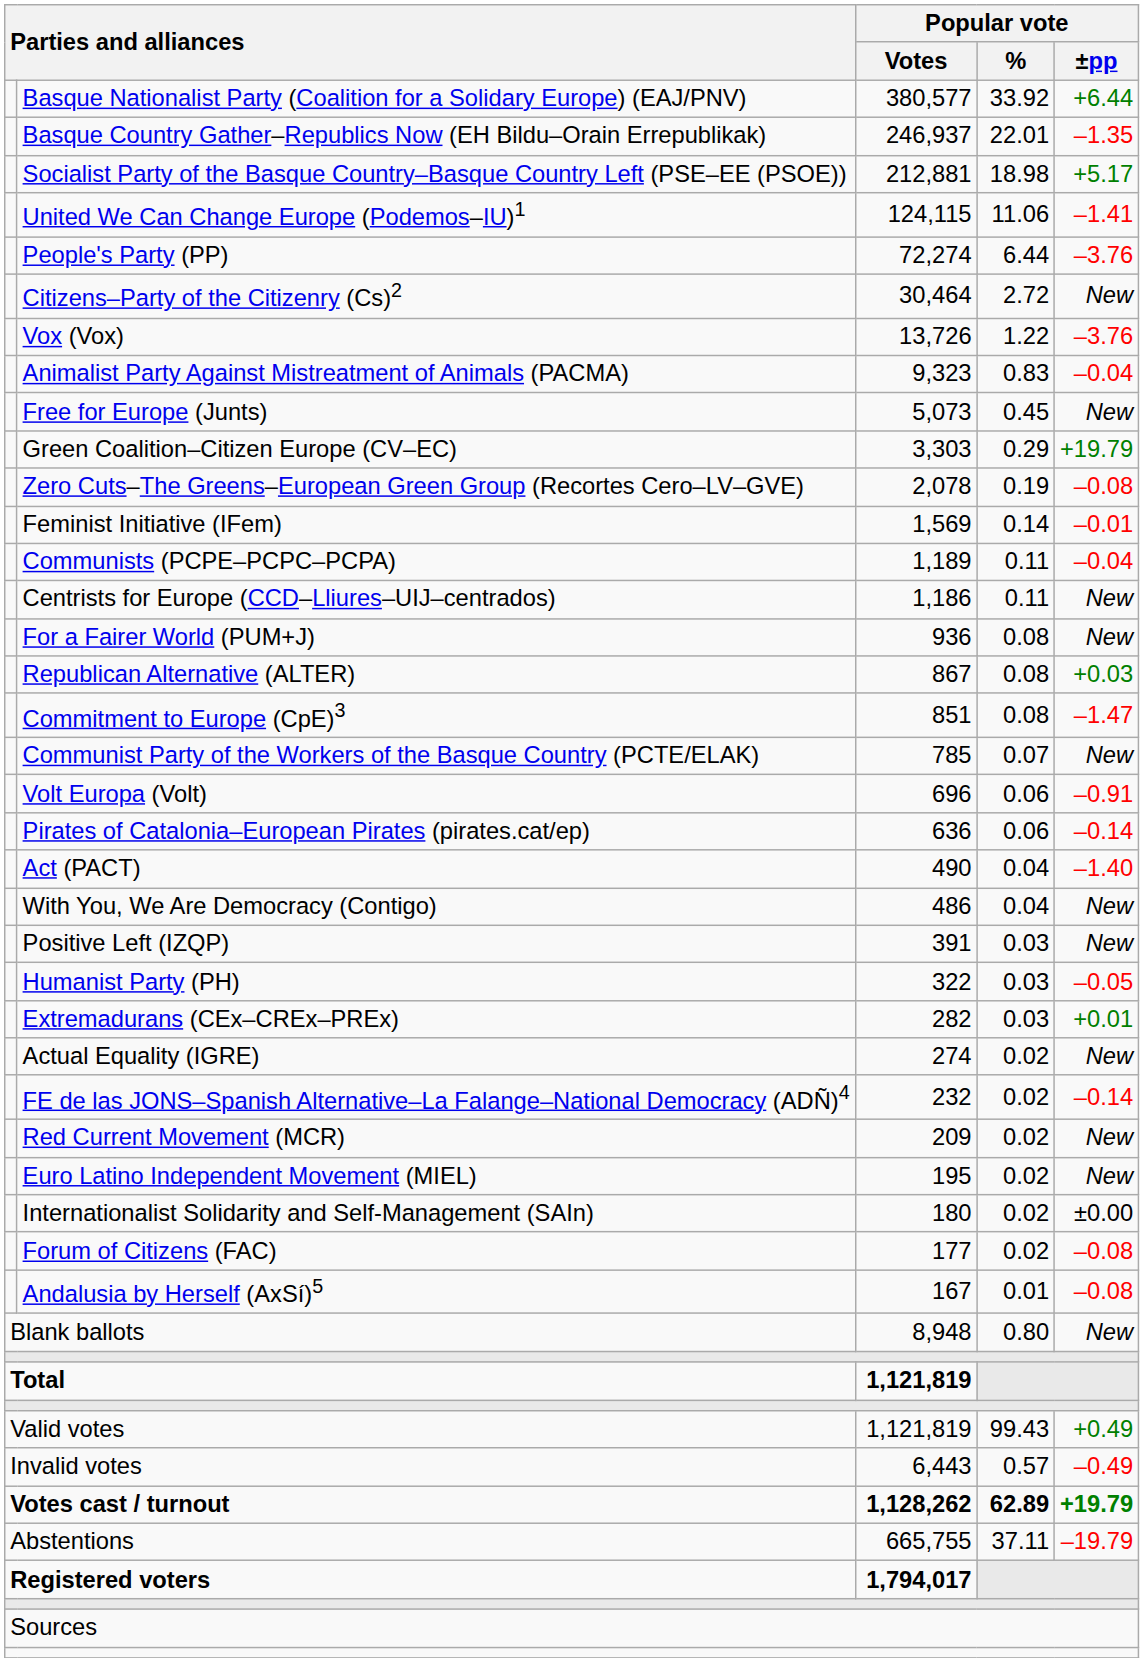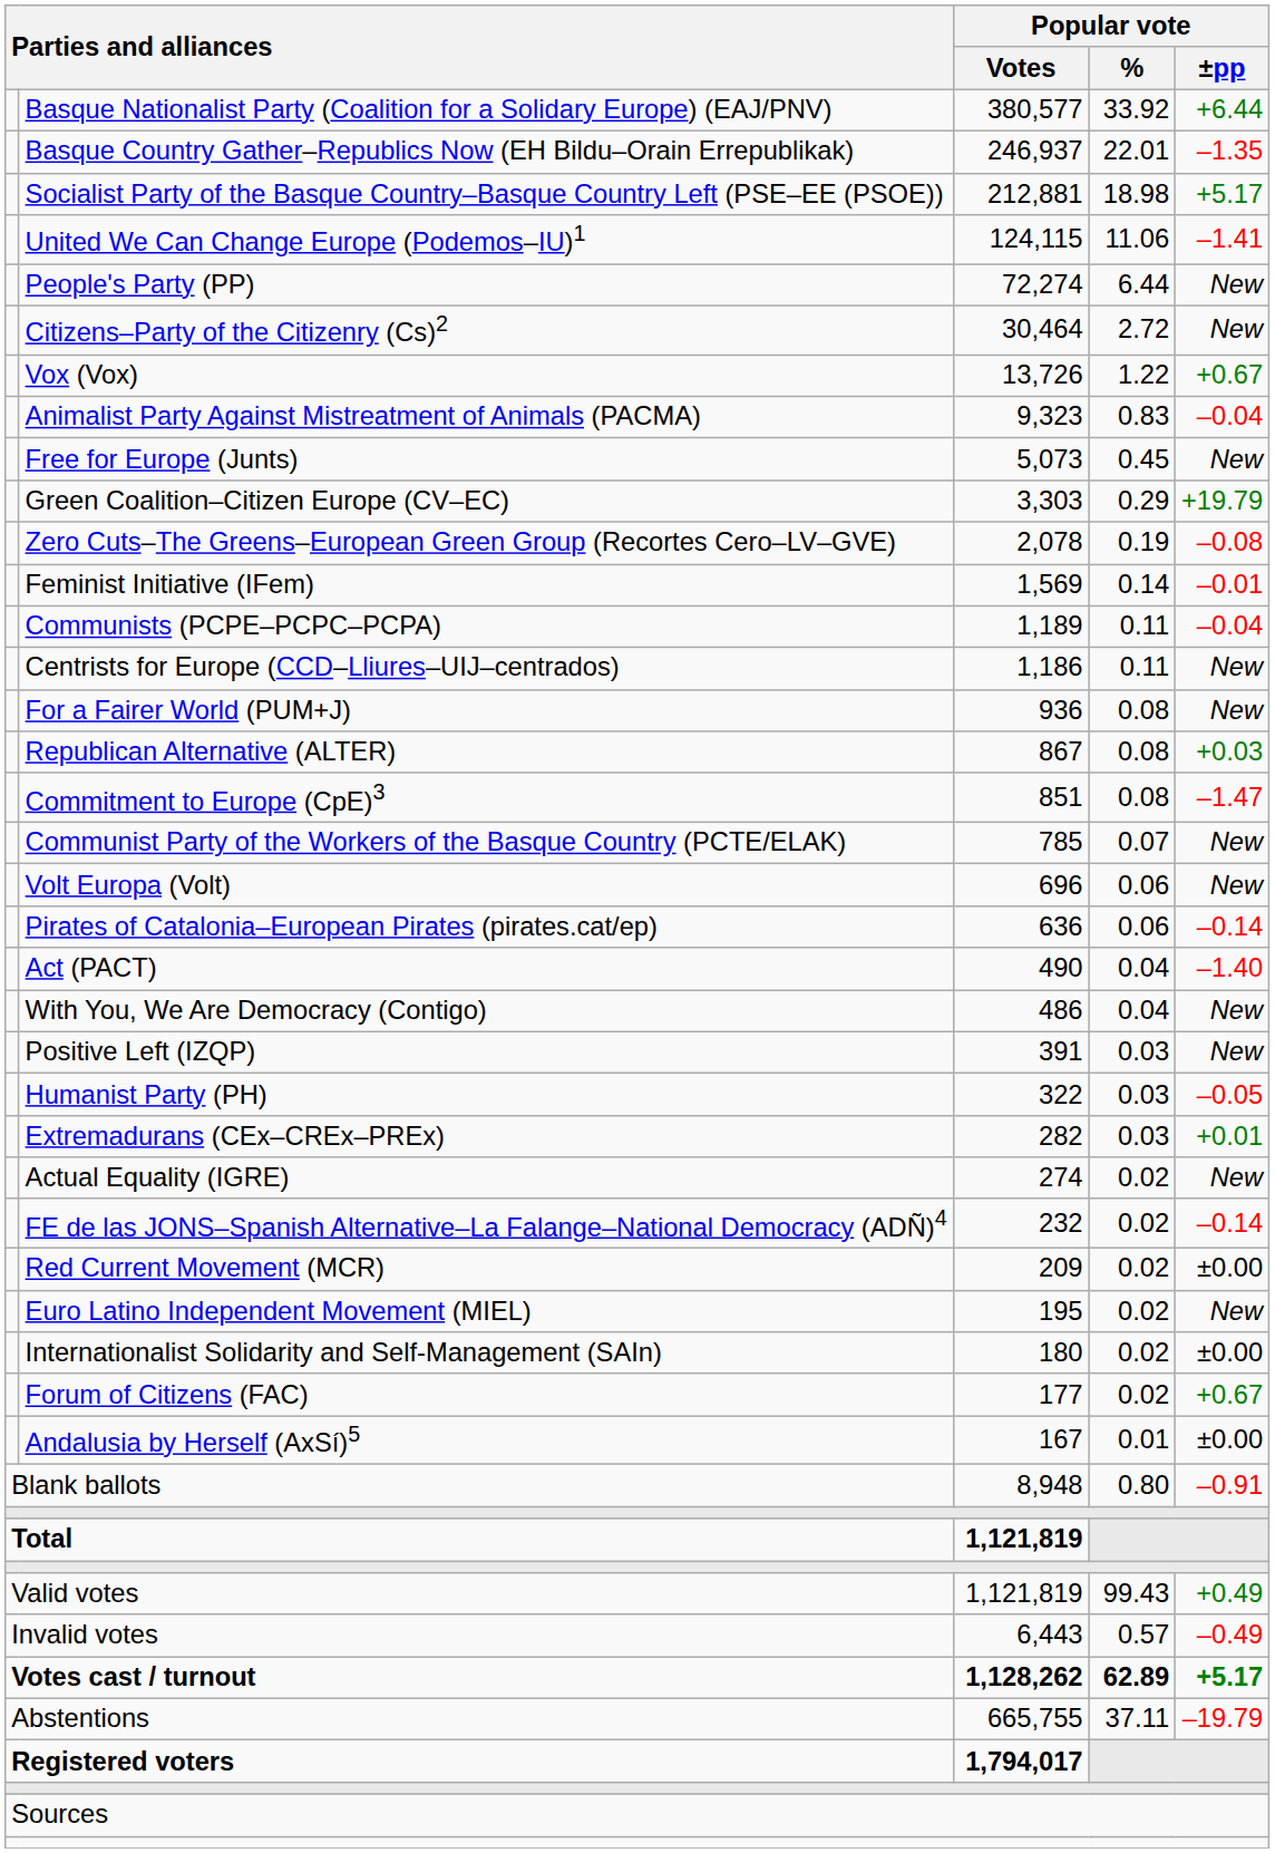 <table class="wikitable" style="text-align:right;">
 <tr>
 <th style="text-align:left;" rowspan="2" colspan="2" width="525">Parties and alliances</th>
 <th colspan="3">Popular vote</th>
 </tr>
 <tr>
 <th width="75">Votes</th>
 <th width="45">%</th>
 <th width="45">±<a href='#'>pp</a></th>
 </tr>
 <tr>
 <td width="1" style="color:inherit;background:"></td>
 <td align="left"><a href='#'>Basque Nationalist Party</a> (<a href='#'>Coalition for a Solidary Europe</a>) (EAJ/PNV)</td>
 <td>380,577</td>
 <td>33.92</td>
 <td style="color:green;">+6.44</td>
 </tr>
 <tr>
 <td style="color:inherit;background:"></td>
 <td align="left"><a href='#'>Basque Country Gather</a>–<a href='#'>Republics Now</a> (EH Bildu–Orain Errepublikak)</td>
 <td>246,937</td>
 <td>22.01</td>
 <td style="color:red;">–1.35</td>
 </tr>
 <tr>
 <td style="color:inherit;background:"></td>
 <td align="left"><a href='#'>Socialist Party of the Basque Country–Basque Country Left</a> (PSE–EE (PSOE))</td>
 <td>212,881</td>
 <td>18.98</td>
 <td style="color:green;">+5.17</td>
 </tr>
 <tr>
 <td style="color:inherit;background:"></td>
 <td align="left"><a href='#'>United We Can Change Europe</a> (<a href='#'>Podemos</a>–<a href='#'>IU</a>)<sup>1</sup></td>
 <td>124,115</td>
 <td>11.06</td>
 <td style="color:red;">–1.41</td>
 </tr>
 <tr>
 <td style="color:inherit;background:"></td>
 <td align="left"><a href='#'>People's Party</a> (PP)</td>
 <td>72,274</td>
 <td>6.44</td>
-<td style="color:red;">–3.76</td>
+<td><em>New</em></td>
 </tr>
 <tr>
 <td style="color:inherit;background:"></td>
 <td align="left"><a href='#'>Citizens–Party of the Citizenry</a> (Cs)<sup>2</sup></td>
 <td>30,464</td>
 <td>2.72</td>
 <td><em>New</em></td>
 </tr>
 <tr>
 <td style="color:inherit;background:"></td>
 <td align="left"><a href='#'>Vox</a> (Vox)</td>
 <td>13,726</td>
 <td>1.22</td>
-<td style="color:red;">–3.76</td>
+<td style="color:green;">+0.67</td>
 </tr>
 <tr>
 <td style="color:inherit;background:"></td>
 <td align="left"><a href='#'>Animalist Party Against Mistreatment of Animals</a> (PACMA)</td>
 <td>9,323</td>
 <td>0.83</td>
 <td style="color:red;">–0.04</td>
 </tr>
 <tr>
 <td style="color:inherit;background:"></td>
 <td align="left"><a href='#'>Free for Europe</a> (Junts)</td>
 <td>5,073</td>
 <td>0.45</td>
 <td><em>New</em></td>
 </tr>
 <tr>
 <td style="color:inherit;background:"></td>
 <td align="left">Green Coalition–Citizen Europe (CV–EC)</td>
 <td>3,303</td>
 <td>0.29</td>
 <td style="color:green;">+19.79</td>
 </tr>
 <tr>
 <td style="color:inherit;background:"></td>
 <td align="left"><a href='#'>Zero Cuts</a>–<a href='#'>The Greens</a>–<a href='#'>European Green Group</a> (Recortes Cero–LV–GVE)</td>
 <td>2,078</td>
 <td>0.19</td>
 <td style="color:red;">–0.08</td>
 </tr>
 <tr>
 <td style="color:inherit;background:"></td>
 <td align="left">Feminist Initiative (IFem)</td>
 <td>1,569</td>
 <td>0.14</td>
 <td style="color:red;">–0.01</td>
 </tr>
 <tr>
 <td style="color:inherit;background:"></td>
 <td align="left"><a href='#'>Communists</a> (PCPE–PCPC–PCPA)</td>
 <td>1,189</td>
 <td>0.11</td>
 <td style="color:red;">–0.04</td>
 </tr>
 <tr>
 <td style="color:inherit;background:"></td>
 <td align="left">Centrists for Europe (<a href='#'>CCD</a>–<a href='#'>Lliures</a>–UIJ–centrados)</td>
 <td>1,186</td>
 <td>0.11</td>
 <td><em>New</em></td>
 </tr>
 <tr>
 <td style="color:inherit;background:"></td>
 <td align="left"><a href='#'>For a Fairer World</a> (PUM+J)</td>
 <td>936</td>
 <td>0.08</td>
 <td><em>New</em></td>
 </tr>
 <tr>
 <td style="color:inherit;background:"></td>
 <td align="left"><a href='#'>Republican Alternative</a> (ALTER)</td>
 <td>867</td>
 <td>0.08</td>
 <td style="color:green;">+0.03</td>
 </tr>
 <tr>
 <td style="color:inherit;background:"></td>
 <td align="left"><a href='#'>Commitment to Europe</a> (CpE)<sup>3</sup></td>
 <td>851</td>
 <td>0.08</td>
 <td style="color:red;">–1.47</td>
 </tr>
 <tr>
 <td style="color:inherit;background:"></td>
 <td align="left"><a href='#'>Communist Party of the Workers of the Basque Country</a> (PCTE/ELAK)</td>
 <td>785</td>
 <td>0.07</td>
 <td><em>New</em></td>
 </tr>
 <tr>
 <td style="color:inherit;background:"></td>
 <td align="left"><a href='#'>Volt Europa</a> (Volt)</td>
 <td>696</td>
 <td>0.06</td>
-<td style="color:red;">–0.91</td>
+<td><em>New</em></td>
 </tr>
 <tr>
 <td style="color:inherit;background:"></td>
 <td align="left"><a href='#'>Pirates of Catalonia–European Pirates</a> (pirates.cat/ep)</td>
 <td>636</td>
 <td>0.06</td>
 <td style="color:red;">–0.14</td>
 </tr>
 <tr>
 <td style="color:inherit;background:"></td>
 <td align="left"><a href='#'>Act</a> (PACT)</td>
 <td>490</td>
 <td>0.04</td>
 <td style="color:red;">–1.40</td>
 </tr>
 <tr>
 <td style="color:inherit;background:"></td>
 <td align="left">With You, We Are Democracy (Contigo)</td>
 <td>486</td>
 <td>0.04</td>
 <td><em>New</em></td>
 </tr>
 <tr>
 <td style="color:inherit;background:"></td>
 <td align="left">Positive Left (IZQP)</td>
 <td>391</td>
 <td>0.03</td>
 <td><em>New</em></td>
 </tr>
 <tr>
 <td style="color:inherit;background:"></td>
 <td align="left"><a href='#'>Humanist Party</a> (PH)</td>
 <td>322</td>
 <td>0.03</td>
 <td style="color:red;">–0.05</td>
 </tr>
 <tr>
 <td style="color:inherit;background:"></td>
 <td align="left"><a href='#'>Extremadurans</a> (CEx–CREx–PREx)</td>
 <td>282</td>
 <td>0.03</td>
 <td style="color:green;">+0.01</td>
 </tr>
 <tr>
 <td style="color:inherit;background:"></td>
 <td align="left">Actual Equality (IGRE)</td>
 <td>274</td>
 <td>0.02</td>
 <td><em>New</em></td>
 </tr>
 <tr>
 <td style="color:inherit;background:"></td>
 <td align="left"><a href='#'>FE de las JONS–Spanish Alternative–La Falange–National Democracy</a> (ADÑ)<sup>4</sup></td>
 <td>232</td>
 <td>0.02</td>
 <td style="color:red;">–0.14</td>
 </tr>
 <tr>
 <td style="color:inherit;background:"></td>
 <td align="left"><a href='#'>Red Current Movement</a> (MCR)</td>
 <td>209</td>
 <td>0.02</td>
-<td><em>New</em></td>
+<td>±0.00</td>
 </tr>
 <tr>
 <td style="color:inherit;background:"></td>
 <td align="left"><a href='#'>Euro Latino Independent Movement</a> (MIEL)</td>
 <td>195</td>
 <td>0.02</td>
 <td><em>New</em></td>
 </tr>
 <tr>
 <td style="color:inherit;background:"></td>
 <td align="left">Internationalist Solidarity and Self-Management (SAIn)</td>
 <td>180</td>
 <td>0.02</td>
 <td>±0.00</td>
 </tr>
 <tr>
 <td style="color:inherit;background:"></td>
 <td align="left"><a href='#'>Forum of Citizens</a> (FAC)</td>
 <td>177</td>
 <td>0.02</td>
-<td style="color:red;">–0.08</td>
+<td style="color:green;">+0.67</td>
 </tr>
 <tr>
 <td style="color:inherit;background:"></td>
 <td align="left"><a href='#'>Andalusia by Herself</a> (AxSí)<sup>5</sup></td>
 <td>167</td>
 <td>0.01</td>
-<td style="color:red;">–0.08</td>
+<td>±0.00</td>
 </tr>
 <tr>
 <td align="left" colspan="2">Blank ballots</td>
 <td>8,948</td>
 <td>0.80</td>
-<td><em>New</em></td>
+<td style="color:red;">–0.91</td>
 </tr>
 <tr>
 <td colspan="5" bgcolor="#E9E9E9"></td>
 </tr>
 <tr style="font-weight:bold;">
 <td align="left" colspan="2">Total</td>
 <td>1,121,819</td>
 <td bgcolor="#E9E9E9" colspan="2"></td>
 </tr>
 <tr>
 <td colspan="5" bgcolor="#E9E9E9"></td>
 </tr>
 <tr>
 <td align="left" colspan="2">Valid votes</td>
 <td>1,121,819</td>
 <td>99.43</td>
 <td style="color:green;">+0.49</td>
 </tr>
 <tr>
 <td align="left" colspan="2">Invalid votes</td>
 <td>6,443</td>
 <td>0.57</td>
 <td style="color:red;">–0.49</td>
 </tr>
 <tr style="font-weight:bold;">
 <td align="left" colspan="2">Votes cast / turnout</td>
 <td>1,128,262</td>
 <td>62.89</td>
-<td style="color:green;">+19.79</td>
+<td style="color:green;">+5.17</td>
 </tr>
 <tr>
 <td align="left" colspan="2">Abstentions</td>
 <td>665,755</td>
 <td>37.11</td>
 <td style="color:red;">–19.79</td>
 </tr>
 <tr style="font-weight:bold;">
 <td align="left" colspan="2">Registered voters</td>
 <td>1,794,017</td>
 <td bgcolor="#E9E9E9" colspan="2"></td>
 </tr>
 <tr>
 <td colspan="5" bgcolor="#E9E9E9"></td>
 </tr>
 <tr>
 <td align="left" colspan="5">Sources</td>
 </tr>
 <tr>
 <td colspan="5" style="text-align:left; max-width:680px;"></td>
 </tr>
 </table>
